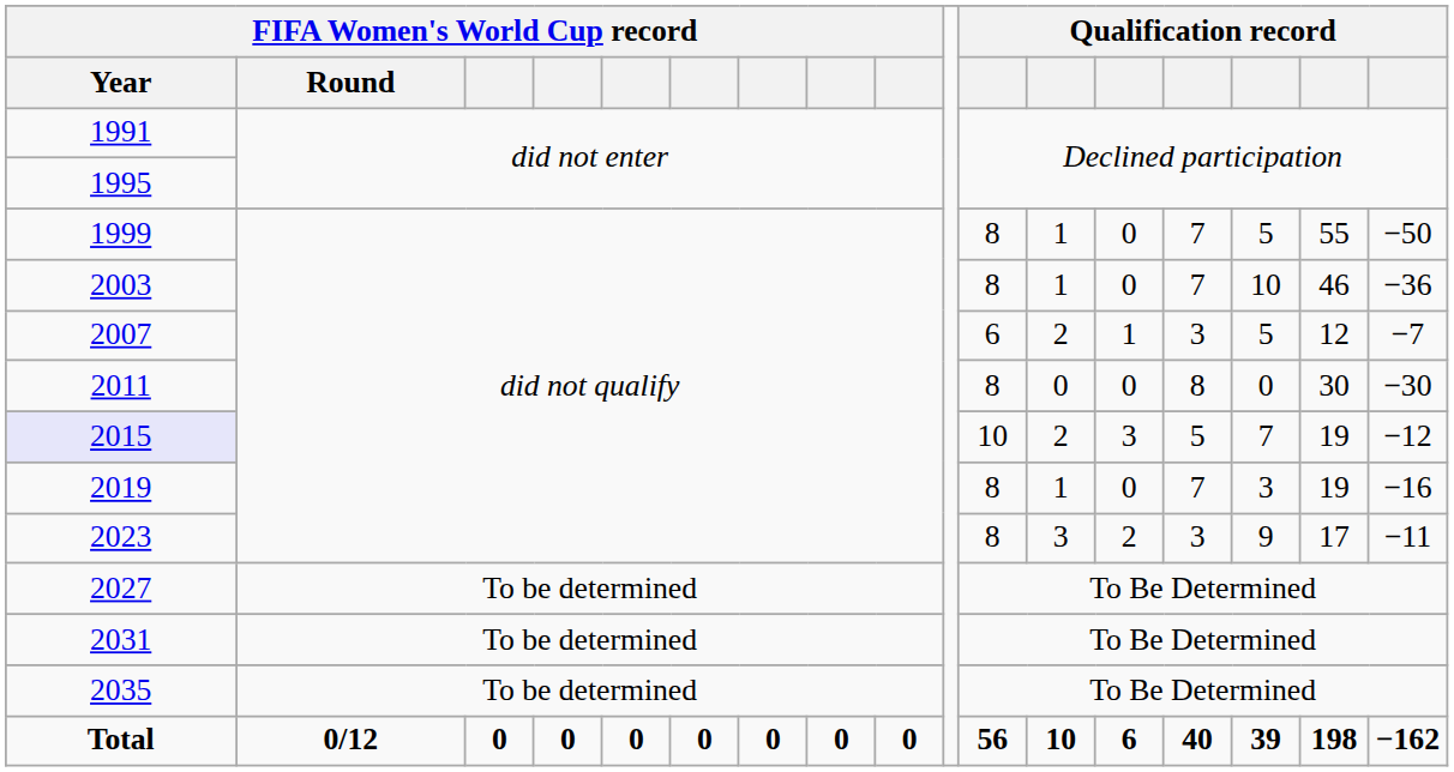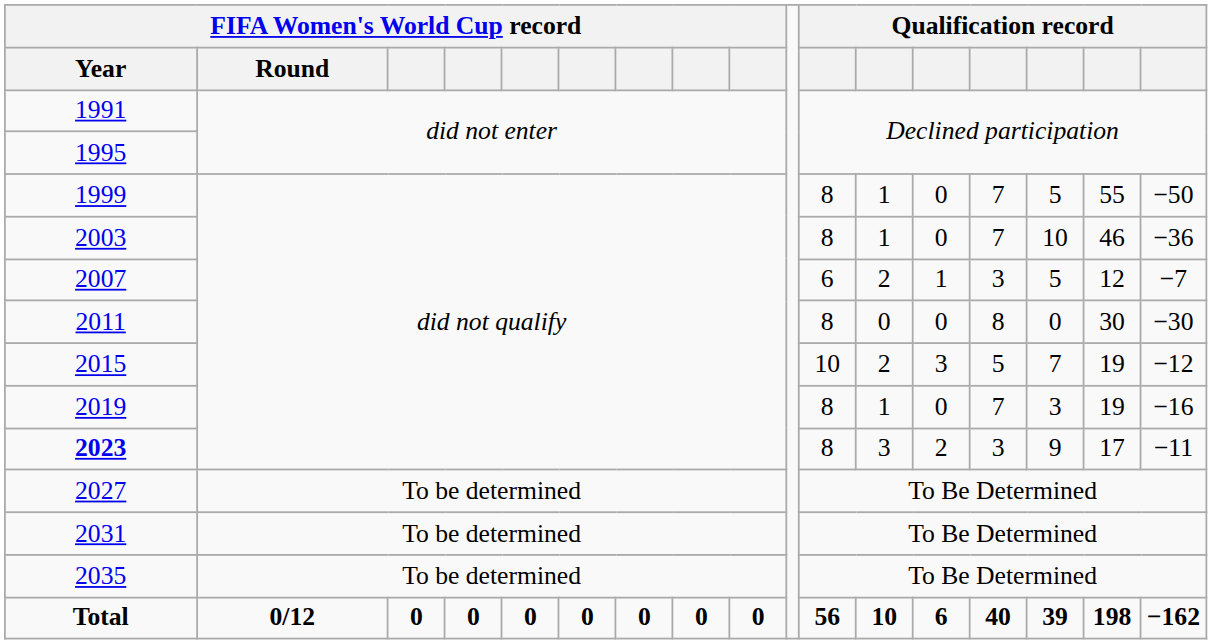 <table class="wikitable" style="text-align: center; font-size: 90%;">
 <tr>
 <th colspan=9><a href='#'>FIFA Women's World Cup</a> record</th>
 <td width=1% rowspan=15></td>
 <th colspan=7>Qualification record</th>
 </tr>
 <tr>
 <th width=100>Year</th>
 <th width=100>Round</th>
 <th width=25></th>
 <th width=25></th>
 <th width=25></th>
 <th width=25></th>
 <th width=25></th>
 <th width=25></th>
 <th width=25></th>
 <th width=25></th>
 <th width=25></th>
 <th width=25></th>
 <th width=25></th>
 <th width=25></th>
 <th width=25></th>
 <th width=25></th>
 </tr>
 <tr>
 <td> <a href='#'>1991</a></td>
 <td rowspan=2 colspan=8><em>did not enter</em></td>
 <td rowspan=2 colspan=7><em>Declined participation</em></td>
 </tr>
 <tr>
 <td> <a href='#'>1995</a></td>
 </tr>
 <tr>
 <td> <a href='#'>1999</a></td>
 <td rowspan=7 colspan=8><em>did not qualify</em></td>
 <td>8</td>
 <td>1</td>
 <td>0</td>
 <td>7</td>
 <td>5</td>
 <td>55</td>
 <td>−50</td>
 </tr>
 <tr>
 <td> <a href='#'>2003</a></td>
 <td>8</td>
 <td>1</td>
 <td>0</td>
 <td>7</td>
 <td>10</td>
 <td>46</td>
 <td>−36</td>
 </tr>
 <tr>
 <td> <a href='#'>2007</a></td>
 <td>6</td>
 <td>2</td>
 <td>1</td>
 <td>3</td>
 <td>5</td>
 <td>12</td>
 <td>−7</td>
 </tr>
 <tr>
 <td> <a href='#'>2011</a></td>
 <td>8</td>
 <td>0</td>
 <td>0</td>
 <td>8</td>
 <td>0</td>
 <td>30</td>
 <td>−30</td>
 </tr>
 <tr>
-<td style="background: lavender;"> <a href='#'>2015</a></td>
+<td> <a href='#'>2015</a></td>
 <td>10</td>
 <td>2</td>
 <td>3</td>
 <td>5</td>
 <td>7</td>
 <td>19</td>
 <td>−12</td>
 </tr>
 <tr>
 <td> <a href='#'>2019</a></td>
 <td>8</td>
 <td>1</td>
 <td>0</td>
 <td>7</td>
 <td>3</td>
 <td>19</td>
 <td>−16</td>
 </tr>
 <tr>
-<td> <a href='#'>2023</a></td>
+<td><strong> <a href='#'>2023</a></strong></td>
 <td>8</td>
 <td>3</td>
 <td>2</td>
 <td>3</td>
 <td>9</td>
 <td>17</td>
 <td>−11</td>
 </tr>
 <tr>
 <td> <a href='#'>2027</a></td>
 <td colspan=8>To be determined</td>
 <td colspan=7>To Be Determined</td>
 </tr>
 <tr>
 <td> <a href='#'>2031</a></td>
 <td colspan=8>To be determined</td>
 <td colspan=7>To Be Determined</td>
 </tr>
 <tr>
 <td> <a href='#'>2035</a></td>
 <td colspan=8>To be determined</td>
 <td colspan=7>To Be Determined</td>
 </tr>
 <tr>
 <td><strong>Total</strong></td>
 <td><strong>0/12</strong></td>
 <td><strong>0</strong></td>
 <td><strong>0</strong></td>
 <td><strong>0</strong></td>
 <td><strong>0</strong></td>
 <td><strong>0</strong></td>
 <td><strong>0</strong></td>
 <td><strong>0</strong></td>
 <td><strong>56</strong></td>
 <td><strong>10</strong></td>
 <td><strong>6</strong></td>
 <td><strong>40</strong></td>
 <td><strong>39</strong></td>
 <td><strong>198</strong></td>
 <td><strong>−162</strong></td>
 </tr>
 </table>
